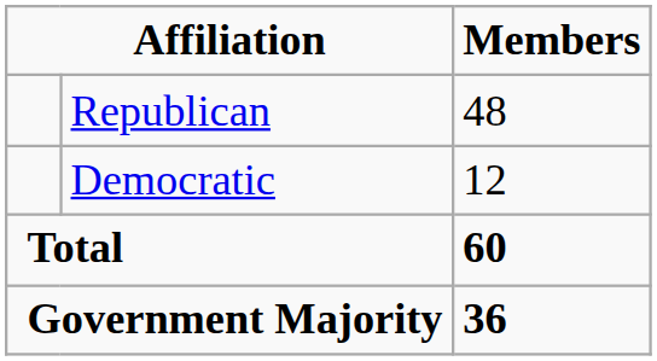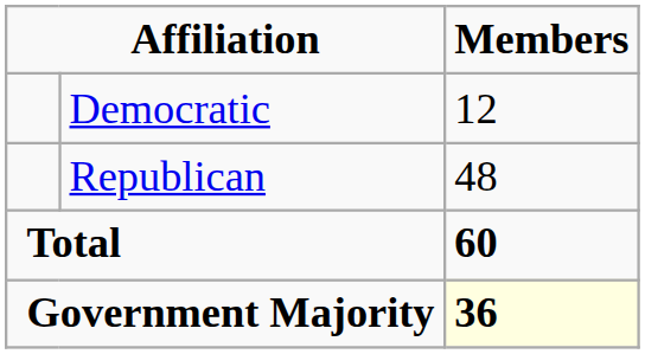 <table class="wikitable">
 <tr>
 <td colspan="2" rowspan="1" align="center" valign="top"><strong>Affiliation</strong></td>
 <td style="vertical-align:top;"><strong>Members</strong></td>
 </tr>
 <tr>
 <td style="background-color:"> </td>
-<td><a href='#'>Republican</a></td>
-<td>48</td>
+<td><a href='#'>Democratic</a></td>
+<td>12</td>
 </tr>
 <tr>
 <td style="background-color:"> </td>
-<td><a href='#'>Democratic</a></td>
-<td>12</td>
+<td><a href='#'>Republican</a></td>
+<td>48</td>
 </tr>
 <tr>
 <td colspan="2" rowspan="1"> <strong>Total</strong></td>
 <td><strong>60</strong></td>
 </tr>
 <tr>
 <td colspan="2" rowspan="1"> <strong>Government Majority</strong></td>
-<td><strong>36</strong></td>
+<td style="background: lightyellow;"><strong>36</strong></td>
 </tr>
 </table>
